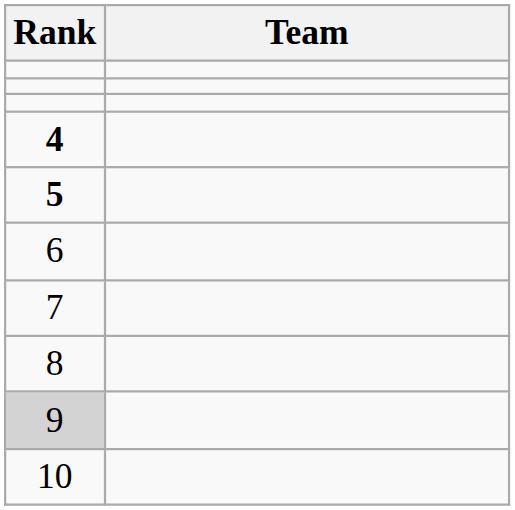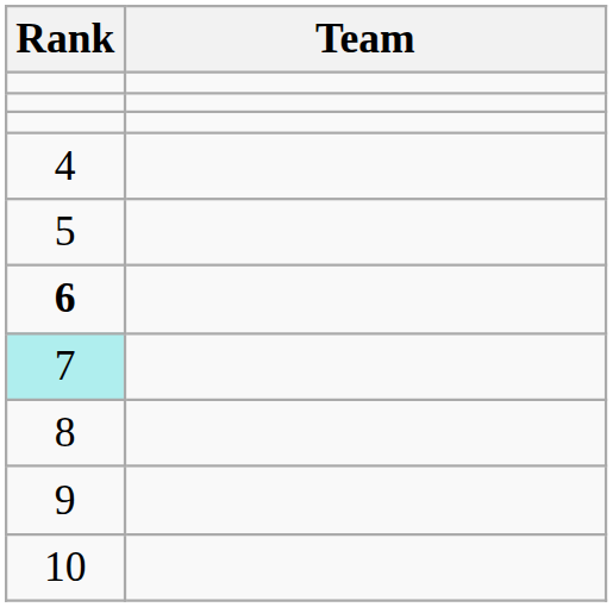 <table class="wikitable" style="text-align:center;">
 <tr>
 <th>Rank</th>
 <th width=175>Team</th>
 </tr>
 <tr>
 <td></td>
 <td align=left></td>
 </tr>
 <tr>
 <td></td>
 <td align=left></td>
 </tr>
 <tr>
 <td></td>
 <td align=left></td>
 </tr>
 <tr>
-<td><strong>4</strong></td>
+<td>4</td>
 <td align=left></td>
 </tr>
 <tr>
-<td><strong>5</strong></td>
+<td>5</td>
 <td align=left></td>
 </tr>
 <tr>
-<td>6</td>
+<td><strong>6</strong></td>
 <td align=left></td>
 </tr>
 <tr>
-<td>7</td>
+<td style="background: paleturquoise;">7</td>
 <td align=left></td>
 </tr>
 <tr>
 <td>8</td>
 <td align=left></td>
 </tr>
 <tr>
-<td style="background: lightgrey;">9</td>
+<td>9</td>
 <td align=left></td>
 </tr>
 <tr>
 <td>10</td>
 <td align=left></td>
 </tr>
 </table>
